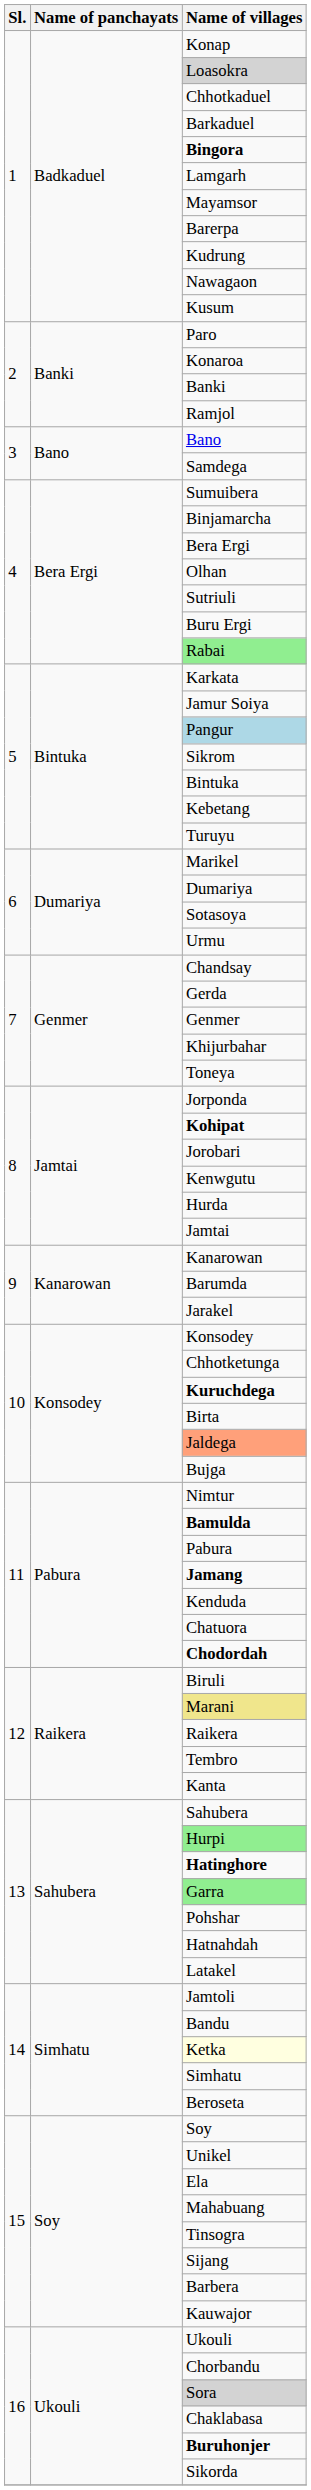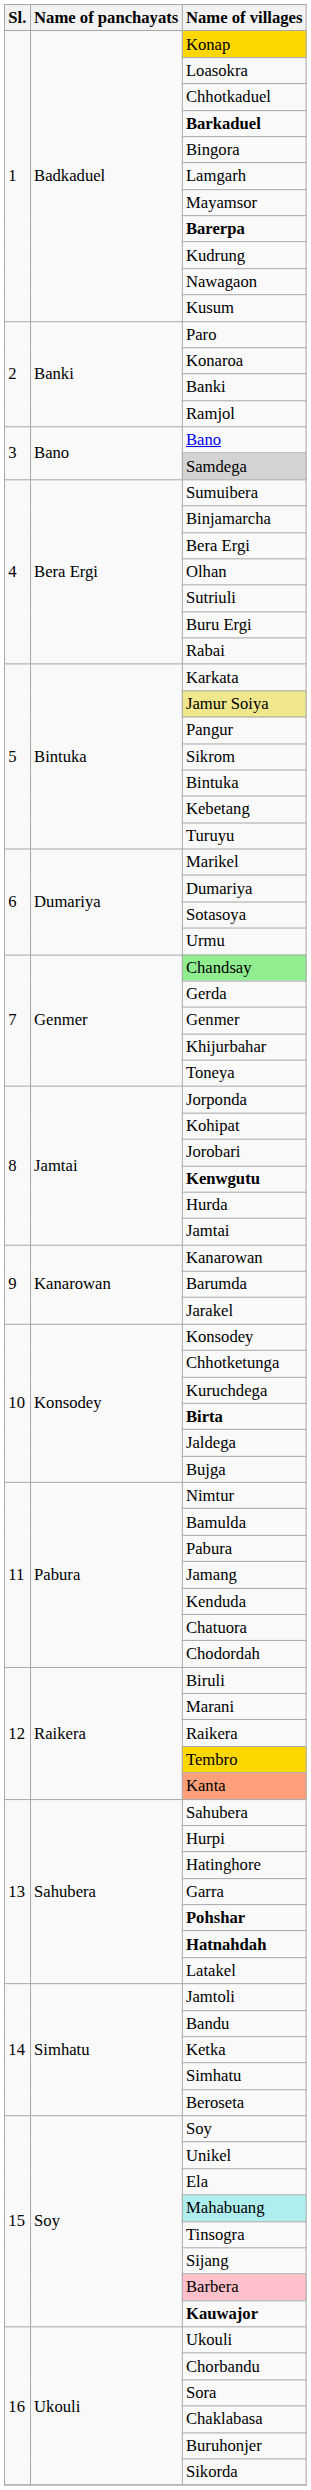 <table class="wikitable plainrowheaders sortable">
 <tr>
 <th scope="col">Sl.</th>
 <th scope="col">Name of panchayats</th>
 <th scope="col">Name of villages</th>
 </tr>
 <tr>
 <td rowspan="11">1</td>
 <td rowspan="11">Badkaduel</td>
-<td>Konap</td>
+<td style="background: gold;">Konap</td>
 </tr>
 <tr>
-<td style="background: lightgrey;">Loasokra</td>
+<td>Loasokra</td>
 </tr>
 <tr>
 <td>Chhotkaduel</td>
 </tr>
 <tr>
-<td>Barkaduel</td>
+<td><strong>Barkaduel</strong></td>
 </tr>
 <tr>
-<td><strong>Bingora</strong></td>
+<td>Bingora</td>
 </tr>
 <tr>
 <td>Lamgarh</td>
 </tr>
 <tr>
 <td>Mayamsor</td>
 </tr>
 <tr>
-<td>Barerpa</td>
+<td><strong>Barerpa</strong></td>
 </tr>
 <tr>
 <td>Kudrung</td>
 </tr>
 <tr>
 <td>Nawagaon</td>
 </tr>
 <tr>
 <td>Kusum</td>
 </tr>
 <tr>
 <td rowspan="4">2</td>
 <td rowspan="4">Banki</td>
 <td>Paro</td>
 </tr>
 <tr>
 <td>Konaroa</td>
 </tr>
 <tr>
 <td>Banki</td>
 </tr>
 <tr>
 <td>Ramjol</td>
 </tr>
 <tr>
 <td rowspan="2">3</td>
 <td rowspan="2">Bano</td>
 <td><a href='#'>Bano</a></td>
 </tr>
 <tr>
-<td>Samdega</td>
+<td style="background: lightgrey;">Samdega</td>
 </tr>
 <tr>
 <td rowspan="7">4</td>
 <td rowspan="7">Bera Ergi</td>
 <td>Sumuibera</td>
 </tr>
 <tr>
 <td>Binjamarcha</td>
 </tr>
 <tr>
 <td>Bera Ergi</td>
 </tr>
 <tr>
 <td>Olhan</td>
 </tr>
 <tr>
 <td>Sutriuli</td>
 </tr>
 <tr>
 <td>Buru Ergi</td>
 </tr>
 <tr>
-<td style="background: lightgreen;">Rabai</td>
+<td>Rabai</td>
 </tr>
 <tr>
 <td rowspan="7">5</td>
 <td rowspan="7">Bintuka</td>
 <td>Karkata</td>
 </tr>
 <tr>
-<td>Jamur Soiya</td>
+<td style="background: khaki;">Jamur Soiya</td>
 </tr>
 <tr>
-<td style="background: lightblue;">Pangur</td>
+<td>Pangur</td>
 </tr>
 <tr>
 <td>Sikrom</td>
 </tr>
 <tr>
 <td>Bintuka</td>
 </tr>
 <tr>
 <td>Kebetang</td>
 </tr>
 <tr>
 <td>Turuyu</td>
 </tr>
 <tr>
 <td rowspan="4">6</td>
 <td rowspan="4">Dumariya</td>
 <td>Marikel</td>
 </tr>
 <tr>
 <td>Dumariya</td>
 </tr>
 <tr>
 <td>Sotasoya</td>
 </tr>
 <tr>
 <td>Urmu</td>
 </tr>
 <tr>
 <td rowspan="5">7</td>
 <td rowspan="5">Genmer</td>
-<td>Chandsay</td>
+<td style="background: lightgreen;">Chandsay</td>
 </tr>
 <tr>
 <td>Gerda</td>
 </tr>
 <tr>
 <td>Genmer</td>
 </tr>
 <tr>
 <td>Khijurbahar</td>
 </tr>
 <tr>
 <td>Toneya</td>
 </tr>
 <tr>
 <td rowspan="6">8</td>
 <td rowspan="6">Jamtai</td>
 <td>Jorponda</td>
 </tr>
 <tr>
-<td><strong>Kohipat</strong></td>
+<td>Kohipat</td>
 </tr>
 <tr>
 <td>Jorobari</td>
 </tr>
 <tr>
-<td>Kenwgutu</td>
+<td><strong>Kenwgutu</strong></td>
 </tr>
 <tr>
 <td>Hurda</td>
 </tr>
 <tr>
 <td>Jamtai</td>
 </tr>
 <tr>
 <td rowspan="3">9</td>
 <td rowspan="3">Kanarowan</td>
 <td>Kanarowan</td>
 </tr>
 <tr>
 <td>Barumda</td>
 </tr>
 <tr>
 <td>Jarakel</td>
 </tr>
 <tr>
 <td rowspan="6">10</td>
 <td rowspan="6">Konsodey</td>
 <td>Konsodey</td>
 </tr>
 <tr>
 <td>Chhotketunga</td>
 </tr>
 <tr>
-<td><strong>Kuruchdega</strong></td>
+<td>Kuruchdega</td>
 </tr>
 <tr>
-<td>Birta</td>
+<td><strong>Birta</strong></td>
 </tr>
 <tr>
-<td style="background: lightsalmon;">Jaldega</td>
+<td>Jaldega</td>
 </tr>
 <tr>
 <td>Bujga</td>
 </tr>
 <tr>
 <td rowspan="7">11</td>
 <td rowspan="7">Pabura</td>
 <td>Nimtur</td>
 </tr>
 <tr>
-<td><strong>Bamulda</strong></td>
+<td>Bamulda</td>
 </tr>
 <tr>
 <td>Pabura</td>
 </tr>
 <tr>
-<td><strong>Jamang</strong></td>
+<td>Jamang</td>
 </tr>
 <tr>
 <td>Kenduda</td>
 </tr>
 <tr>
 <td>Chatuora</td>
 </tr>
 <tr>
-<td><strong>Chodordah</strong></td>
+<td>Chodordah</td>
 </tr>
 <tr>
 <td rowspan="5">12</td>
 <td rowspan="5">Raikera</td>
 <td>Biruli</td>
 </tr>
 <tr>
-<td style="background: khaki;">Marani</td>
+<td>Marani</td>
 </tr>
 <tr>
 <td>Raikera</td>
 </tr>
 <tr>
-<td>Tembro</td>
+<td style="background: gold;">Tembro</td>
 </tr>
 <tr>
-<td>Kanta</td>
+<td style="background: lightsalmon;">Kanta</td>
 </tr>
 <tr>
 <td rowspan="7">13</td>
 <td rowspan="7">Sahubera</td>
 <td>Sahubera</td>
 </tr>
 <tr>
-<td style="background: lightgreen;">Hurpi</td>
+<td>Hurpi</td>
 </tr>
 <tr>
-<td><strong>Hatinghore</strong></td>
+<td>Hatinghore</td>
 </tr>
 <tr>
-<td style="background: lightgreen;">Garra</td>
+<td>Garra</td>
 </tr>
 <tr>
-<td>Pohshar</td>
+<td><strong>Pohshar</strong></td>
 </tr>
 <tr>
-<td>Hatnahdah</td>
+<td><strong>Hatnahdah</strong></td>
 </tr>
 <tr>
 <td>Latakel</td>
 </tr>
 <tr>
 <td rowspan="5">14</td>
 <td rowspan="5">Simhatu</td>
 <td>Jamtoli</td>
 </tr>
 <tr>
 <td>Bandu</td>
 </tr>
 <tr>
-<td style="background: lightyellow;">Ketka</td>
+<td>Ketka</td>
 </tr>
 <tr>
 <td>Simhatu</td>
 </tr>
 <tr>
 <td>Beroseta</td>
 </tr>
 <tr>
 <td rowspan="8">15</td>
 <td rowspan="8">Soy</td>
 <td>Soy</td>
 </tr>
 <tr>
 <td>Unikel</td>
 </tr>
 <tr>
 <td>Ela</td>
 </tr>
 <tr>
-<td>Mahabuang</td>
+<td style="background: paleturquoise;">Mahabuang</td>
 </tr>
 <tr>
 <td>Tinsogra</td>
 </tr>
 <tr>
 <td>Sijang</td>
 </tr>
 <tr>
-<td>Barbera</td>
+<td style="background: pink;">Barbera</td>
 </tr>
 <tr>
-<td>Kauwajor</td>
+<td><strong>Kauwajor</strong></td>
 </tr>
 <tr>
 <td rowspan="6">16</td>
 <td rowspan="6">Ukouli</td>
 <td>Ukouli</td>
 </tr>
 <tr>
 <td>Chorbandu</td>
 </tr>
 <tr>
-<td style="background: lightgrey;">Sora</td>
+<td>Sora</td>
 </tr>
 <tr>
 <td>Chaklabasa</td>
 </tr>
 <tr>
-<td><strong>Buruhonjer</strong></td>
+<td>Buruhonjer</td>
 </tr>
 <tr>
 <td>Sikorda</td>
 </tr>
 <tr>
 </tr>
 </table>
